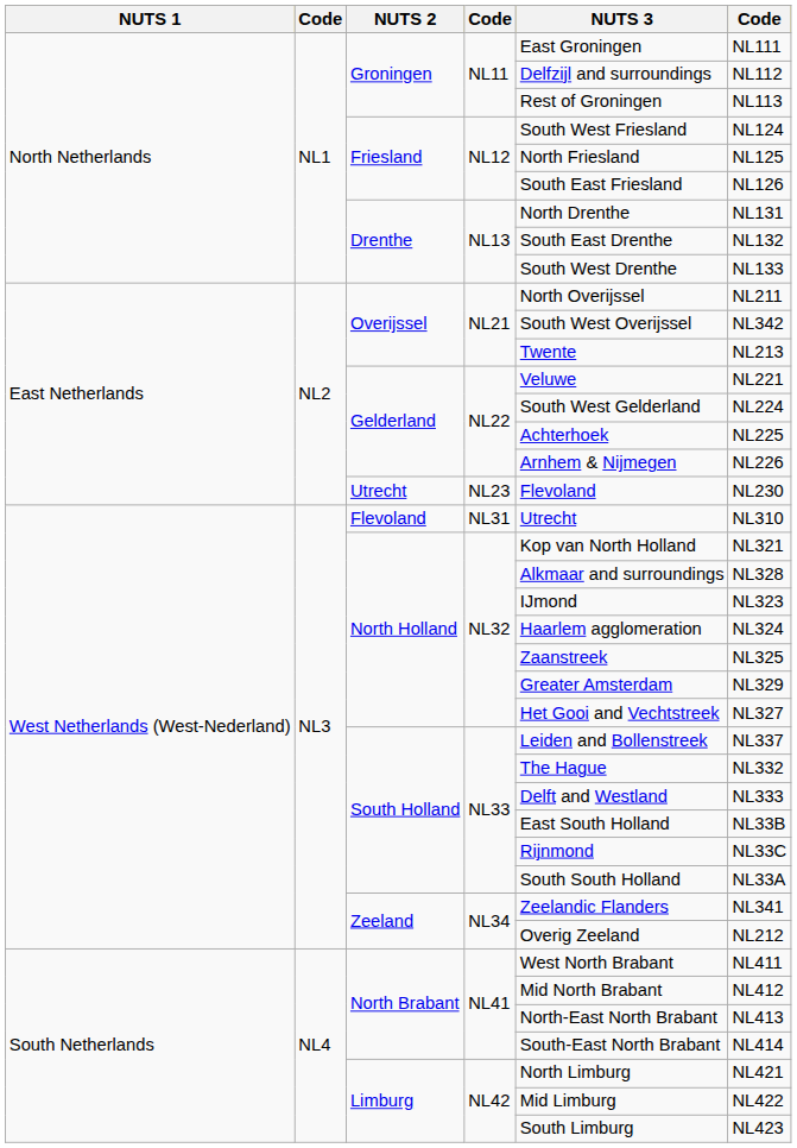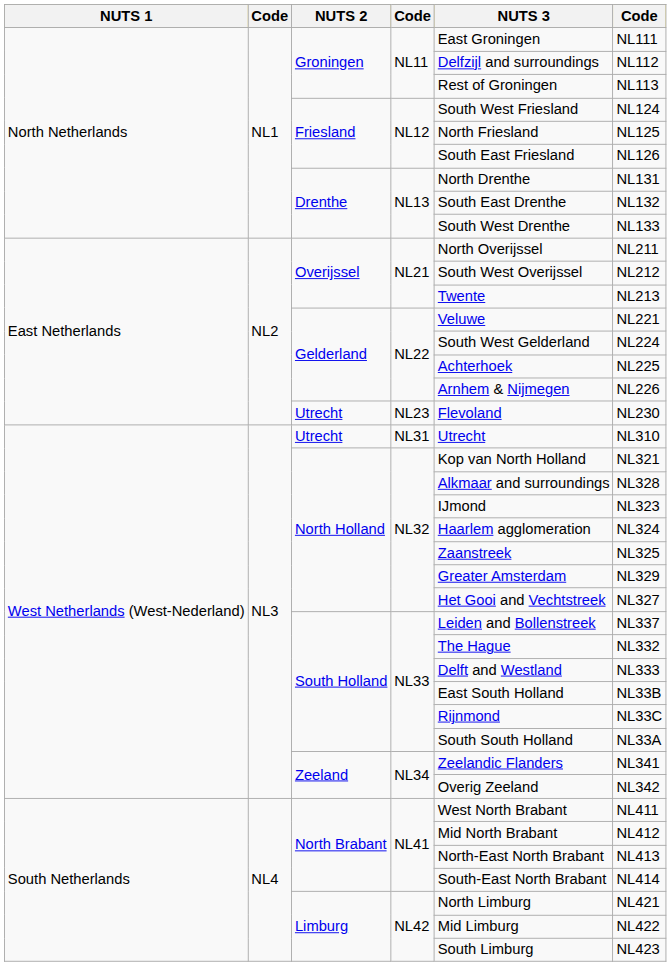 <table class="wikitable" align="center">
 <tr style="background-color:#ffd700;text-align:left">
 <th>NUTS 1</th>
 <th>Code</th>
 <th>NUTS 2</th>
 <th>Code</th>
 <th>NUTS 3</th>
 <th>Code</th>
 </tr>
 <tr>
 <td rowspan=9>North Netherlands</td>
 <td rowspan=9>NL1</td>
 <td rowspan=3><a href='#'>Groningen</a></td>
 <td rowspan=3>NL11</td>
 <td>East Groningen</td>
 <td>NL111</td>
 </tr>
 <tr>
 <td><a href='#'>Delfzijl</a> and surroundings</td>
 <td>NL112</td>
 </tr>
 <tr>
 <td>Rest of Groningen</td>
 <td>NL113</td>
 </tr>
 <tr>
 <td rowspan=3><a href='#'>Friesland</a></td>
 <td rowspan=3>NL12</td>
 <td>South West Friesland</td>
 <td>NL124</td>
 </tr>
 <tr>
 <td>North Friesland</td>
 <td>NL125</td>
 </tr>
 <tr>
 <td>South East Friesland</td>
 <td>NL126</td>
 </tr>
 <tr>
 <td rowspan=3><a href='#'>Drenthe</a></td>
 <td rowspan=3>NL13</td>
 <td>North Drenthe</td>
 <td>NL131</td>
 </tr>
 <tr>
 <td>South East Drenthe</td>
 <td>NL132</td>
 </tr>
 <tr>
 <td>South West Drenthe</td>
 <td>NL133</td>
 </tr>
 <tr>
 <td rowspan=8>East Netherlands</td>
 <td rowspan=8>NL2</td>
 <td rowspan=3><a href='#'>Overijssel</a></td>
 <td rowspan=3>NL21</td>
 <td>North Overijssel</td>
 <td>NL211</td>
 </tr>
 <tr>
 <td>South West Overijssel</td>
-<td>NL342</td>
+<td>NL212</td>
 </tr>
 <tr>
 <td><a href='#'>Twente</a></td>
 <td>NL213</td>
 </tr>
 <tr>
 <td rowspan=4><a href='#'>Gelderland</a></td>
 <td rowspan=4>NL22</td>
 <td><a href='#'>Veluwe</a></td>
 <td>NL221</td>
 </tr>
 <tr>
 <td>South West Gelderland</td>
 <td>NL224</td>
 </tr>
 <tr>
 <td><a href='#'>Achterhoek</a></td>
 <td>NL225</td>
 </tr>
 <tr>
 <td><a href='#'>Arnhem</a> & <a href='#'>Nijmegen</a></td>
 <td>NL226</td>
 </tr>
 <tr>
 <td><a href='#'>Utrecht</a></td>
 <td>NL23</td>
 <td><a href='#'>Flevoland</a></td>
 <td>NL230</td>
 </tr>
 <tr>
 <td rowspan=16><a href='#'>West Netherlands</a> (West-Nederland)</td>
 <td rowspan=16>NL3</td>
-<td><a href='#'>Flevoland</a></td>
+<td><a href='#'>Utrecht</a></td>
 <td>NL31</td>
 <td><a href='#'>Utrecht</a></td>
 <td>NL310</td>
 </tr>
 <tr>
 <td rowspan=7><a href='#'>North Holland</a></td>
 <td rowspan=7>NL32</td>
 <td>Kop van North Holland</td>
 <td>NL321</td>
 </tr>
 <tr>
 <td><a href='#'>Alkmaar</a> and surroundings</td>
 <td>NL328</td>
 </tr>
 <tr>
 <td>IJmond</td>
 <td>NL323</td>
 </tr>
 <tr>
 <td><a href='#'>Haarlem</a> agglomeration</td>
 <td>NL324</td>
 </tr>
 <tr>
 <td><a href='#'>Zaanstreek</a></td>
 <td>NL325</td>
 </tr>
 <tr>
 <td><a href='#'>Greater Amsterdam</a></td>
 <td>NL329</td>
 </tr>
 <tr>
 <td><a href='#'>Het Gooi</a> and <a href='#'>Vechtstreek</a></td>
 <td>NL327</td>
 </tr>
 <tr>
 <td rowspan=6><a href='#'>South Holland</a></td>
 <td rowspan=6>NL33</td>
 <td><a href='#'>Leiden</a> and <a href='#'>Bollenstreek</a></td>
 <td>NL337</td>
 </tr>
 <tr>
 <td><a href='#'>The Hague</a></td>
 <td>NL332</td>
 </tr>
 <tr>
 <td><a href='#'>Delft</a> and <a href='#'>Westland</a></td>
 <td>NL333</td>
 </tr>
 <tr>
 <td>East South Holland</td>
 <td>NL33B</td>
 </tr>
 <tr>
 <td><a href='#'>Rijnmond</a></td>
 <td>NL33C</td>
 </tr>
 <tr>
 <td>South South Holland</td>
 <td>NL33A</td>
 </tr>
 <tr>
 <td rowspan=2><a href='#'>Zeeland</a></td>
 <td rowspan=2>NL34</td>
 <td><a href='#'>Zeelandic Flanders</a></td>
 <td>NL341</td>
 </tr>
 <tr>
 <td>Overig Zeeland</td>
-<td>NL212</td>
+<td>NL342</td>
 </tr>
 <tr>
 <td rowspan=7>South Netherlands</td>
 <td rowspan=7>NL4</td>
 <td rowspan=4><a href='#'>North Brabant</a></td>
 <td rowspan=4>NL41</td>
 <td>West North Brabant</td>
 <td>NL411</td>
 </tr>
 <tr>
 <td>Mid North Brabant</td>
 <td>NL412</td>
 </tr>
 <tr>
 <td>North-East North Brabant</td>
 <td>NL413</td>
 </tr>
 <tr>
 <td>South-East North Brabant</td>
 <td>NL414</td>
 </tr>
 <tr>
 <td rowspan=3><a href='#'>Limburg</a></td>
 <td rowspan=3>NL42</td>
 <td>North Limburg</td>
 <td>NL421</td>
 </tr>
 <tr>
 <td>Mid Limburg</td>
 <td>NL422</td>
 </tr>
 <tr>
 <td>South Limburg</td>
 <td>NL423</td>
 </tr>
 </table>
